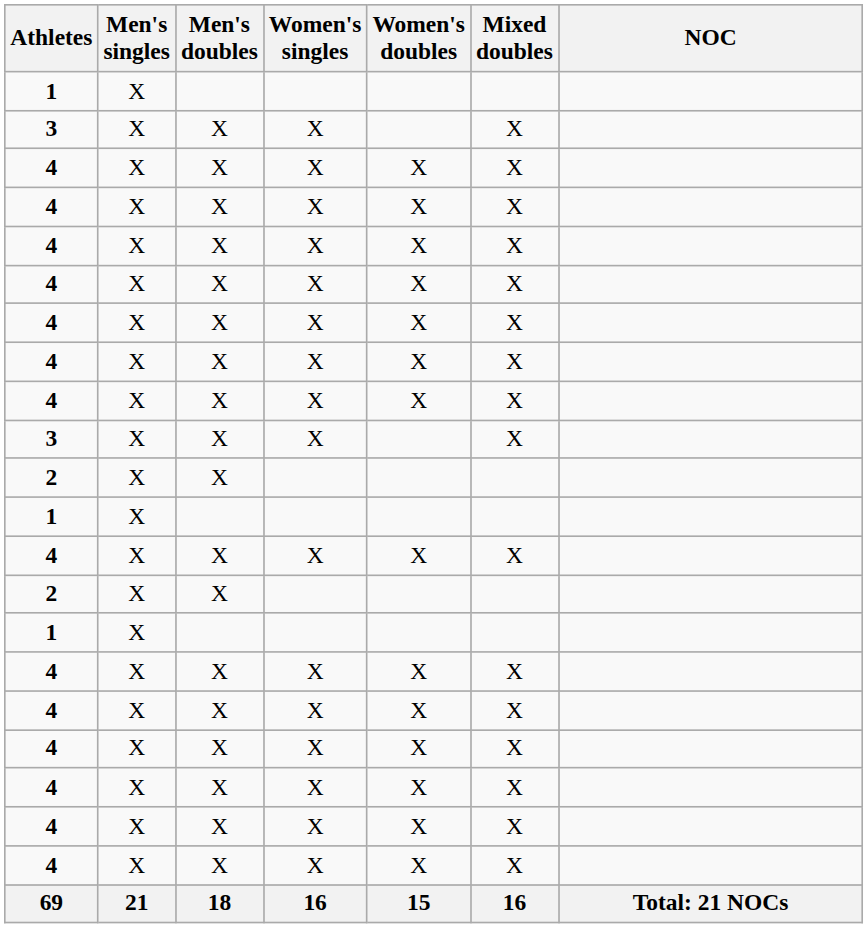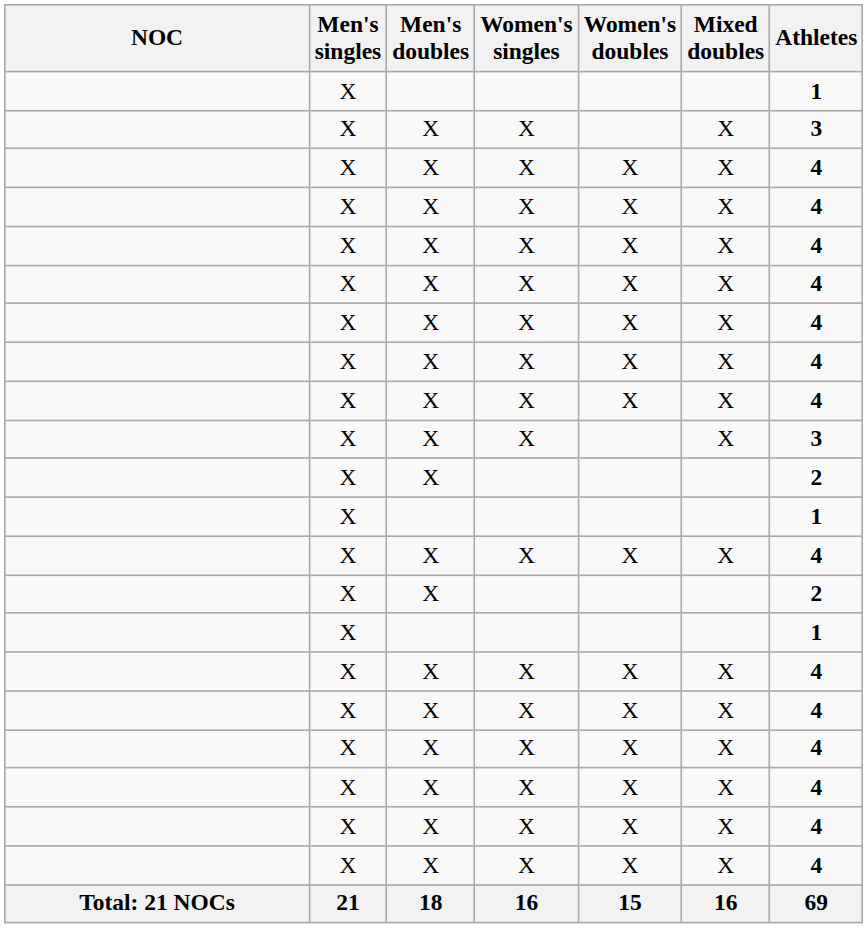 <table class="wikitable" style="text-align:center; font-size:90%">
 <tr>
-<th>Athletes</th>
+<th width="180" style="text-align:center;">NOC</th>
 <th>Men's<br>singles</th>
 <th>Men's<br>doubles</th>
 <th>Women's<br>singles</th>
 <th>Women's<br>doubles</th>
 <th>Mixed<br>doubles</th>
-<th width="180" style="text-align:center;">NOC</th>
+<th>Athletes</th>
 </tr>
 <tr>
-<td><strong>1</strong></td>
+<td align=left></td>
 <td>X</td>
 <td></td>
 <td></td>
 <td></td>
 <td></td>
-<td align=left></td>
+<td><strong>1</strong></td>
 </tr>
 <tr>
-<td><strong>3</strong></td>
+<td align=left></td>
 <td>X</td>
 <td>X</td>
 <td>X</td>
 <td></td>
 <td>X</td>
-<td align=left></td>
+<td><strong>3</strong></td>
 </tr>
 <tr>
-<td><strong>4</strong></td>
+<td align=left></td>
 <td>X</td>
 <td>X</td>
 <td>X</td>
 <td>X</td>
 <td>X</td>
-<td align=left></td>
+<td><strong>4</strong></td>
 </tr>
 <tr>
-<td><strong>4</strong></td>
+<td align=left></td>
 <td>X</td>
 <td>X</td>
 <td>X</td>
 <td>X</td>
 <td>X</td>
-<td align=left></td>
+<td><strong>4</strong></td>
 </tr>
 <tr>
-<td><strong>4</strong></td>
+<td align=left></td>
 <td>X</td>
 <td>X</td>
 <td>X</td>
 <td>X</td>
 <td>X</td>
-<td align=left></td>
+<td><strong>4</strong></td>
 </tr>
 <tr>
-<td><strong>4</strong></td>
+<td align=left></td>
 <td>X</td>
 <td>X</td>
 <td>X</td>
 <td>X</td>
 <td>X</td>
-<td align=left></td>
+<td><strong>4</strong></td>
 </tr>
 <tr>
-<td><strong>4</strong></td>
+<td align=left></td>
 <td>X</td>
 <td>X</td>
 <td>X</td>
 <td>X</td>
 <td>X</td>
-<td align=left></td>
+<td><strong>4</strong></td>
 </tr>
 <tr>
-<td><strong>4</strong></td>
+<td align=left></td>
 <td>X</td>
 <td>X</td>
 <td>X</td>
 <td>X</td>
 <td>X</td>
-<td align=left></td>
+<td><strong>4</strong></td>
 </tr>
 <tr>
-<td><strong>4</strong></td>
+<td align=left></td>
 <td>X</td>
 <td>X</td>
 <td>X</td>
 <td>X</td>
 <td>X</td>
-<td align=left></td>
+<td><strong>4</strong></td>
 </tr>
 <tr>
-<td><strong>3</strong></td>
+<td align=left></td>
 <td>X</td>
 <td>X</td>
 <td>X</td>
 <td></td>
 <td>X</td>
-<td align=left></td>
+<td><strong>3</strong></td>
 </tr>
 <tr>
-<td><strong>2</strong></td>
+<td align=left></td>
 <td>X</td>
 <td>X</td>
 <td></td>
 <td></td>
 <td></td>
-<td align=left></td>
+<td><strong>2</strong></td>
 </tr>
 <tr>
-<td><strong>1</strong></td>
+<td align=left></td>
 <td>X</td>
 <td></td>
 <td></td>
 <td></td>
 <td></td>
-<td align=left></td>
+<td><strong>1</strong></td>
 </tr>
 <tr>
-<td><strong>4</strong></td>
+<td align=left></td>
 <td>X</td>
 <td>X</td>
 <td>X</td>
 <td>X</td>
 <td>X</td>
-<td align=left></td>
+<td><strong>4</strong></td>
 </tr>
 <tr>
-<td><strong>2</strong></td>
+<td align=left></td>
 <td>X</td>
 <td>X</td>
 <td></td>
 <td></td>
 <td></td>
-<td align=left></td>
+<td><strong>2</strong></td>
 </tr>
 <tr>
-<td><strong>1</strong></td>
+<td align=left></td>
 <td>X</td>
 <td></td>
 <td></td>
 <td></td>
 <td></td>
-<td align=left></td>
+<td><strong>1</strong></td>
 </tr>
 <tr>
-<td><strong>4</strong></td>
+<td align=left></td>
 <td>X</td>
 <td>X</td>
 <td>X</td>
 <td>X</td>
 <td>X</td>
-<td align=left></td>
+<td><strong>4</strong></td>
 </tr>
 <tr>
-<td><strong>4</strong></td>
+<td align=left></td>
 <td>X</td>
 <td>X</td>
 <td>X</td>
 <td>X</td>
 <td>X</td>
-<td align=left></td>
+<td><strong>4</strong></td>
 </tr>
 <tr>
-<td><strong>4</strong></td>
+<td align=left></td>
 <td>X</td>
 <td>X</td>
 <td>X</td>
 <td>X</td>
 <td>X</td>
-<td align=left></td>
+<td><strong>4</strong></td>
 </tr>
 <tr>
-<td><strong>4</strong></td>
+<td align=left></td>
 <td>X</td>
 <td>X</td>
 <td>X</td>
 <td>X</td>
 <td>X</td>
-<td align=left></td>
+<td><strong>4</strong></td>
 </tr>
 <tr>
-<td><strong>4</strong></td>
+<td align=left></td>
 <td>X</td>
 <td>X</td>
 <td>X</td>
 <td>X</td>
 <td>X</td>
-<td align=left></td>
+<td><strong>4</strong></td>
 </tr>
 <tr>
-<td><strong>4</strong></td>
+<td align=left></td>
 <td>X</td>
 <td>X</td>
 <td>X</td>
 <td>X</td>
 <td>X</td>
-<td align=left></td>
+<td><strong>4</strong></td>
 </tr>
 <tr>
-<th><strong>69</strong></th>
+<th>Total: 21 NOCs</th>
 <th>21</th>
 <th>18</th>
 <th>16</th>
 <th>15</th>
 <th>16</th>
-<th>Total: 21 NOCs</th>
+<th><strong>69</strong></th>
 </tr>
 </table>
